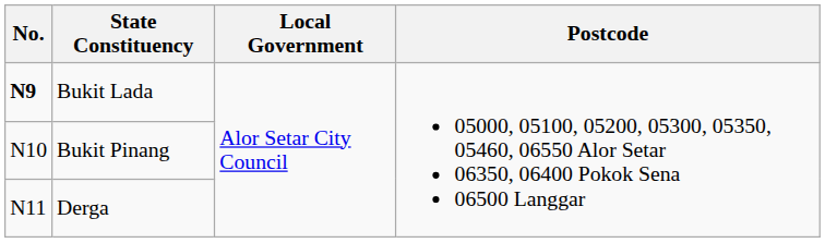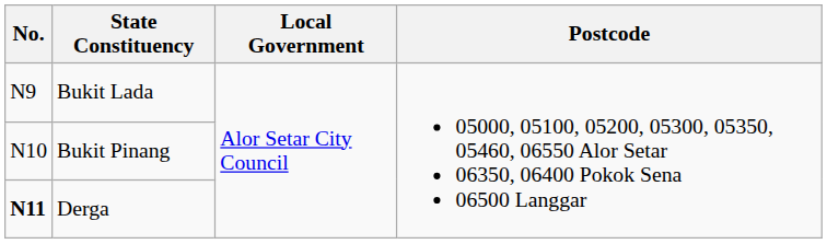 <table class="wikitable">
 <tr>
 <th>No.</th>
 <th>State Constituency</th>
 <th>Local Government</th>
 <th>Postcode</th>
 </tr>
 <tr>
-<td><strong>N9</strong></td>
+<td>N9</td>
 <td>Bukit Lada</td>
 <td rowspan="3"><a href='#'>Alor Setar City Council</a></td>
 <td rowspan="3"><br><ul><li>05000, 05100, 05200, 05300,  05350, 05460, 06550 Alor Setar</li><li>06350, 06400 Pokok Sena</li><li>06500 Langgar</li></ul></td>
 </tr>
 <tr>
 <td>N10</td>
 <td>Bukit Pinang</td>
 </tr>
 <tr>
-<td>N11</td>
+<td><strong>N11</strong></td>
 <td>Derga</td>
 </tr>
 </table>
